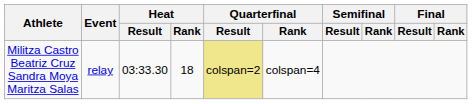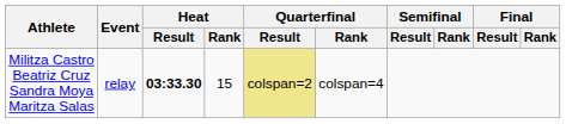 <table class="wikitable" style="font-size:90%">
 <tr>
 <th rowspan="2">Athlete</th>
 <th rowspan="2">Event</th>
 <th colspan="2">Heat</th>
 <th colspan="2">Quarterfinal</th>
 <th colspan="2">Semifinal</th>
 <th colspan="2">Final</th>
 </tr>
 <tr style="font-size:95%">
 <th>Result</th>
 <th>Rank</th>
 <th>Result</th>
 <th>Rank</th>
 <th>Result</th>
 <th>Rank</th>
 <th>Result</th>
 <th>Rank</th>
 </tr>
 <tr align=center>
 <td><a href='#'>Militza Castro</a><br><a href='#'>Beatriz Cruz</a><br><a href='#'>Sandra Moya</a><br><a href='#'>Maritza Salas</a></td>
 <td><a href='#'> relay</a></td>
-<td>03:33.30</td>
-<td>18</td>
+<td><strong>03:33.30</strong></td>
+<td>15</td>
 <td style="background: khaki;">colspan=2  </td>
 <td>colspan=4  </td>
 </tr>
 </table>
